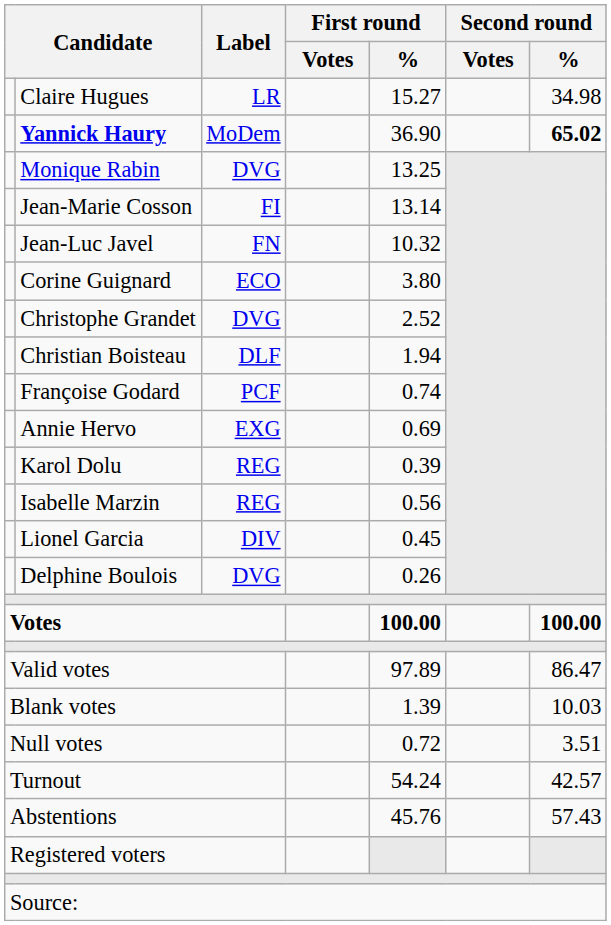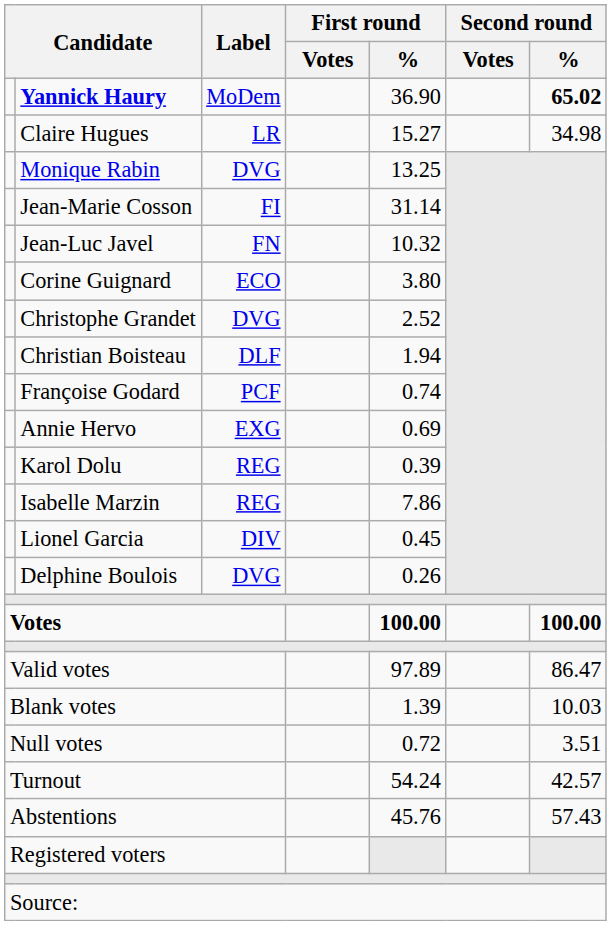 <table class="wikitable" style="text-align:right;font-size:95%;">
 <tr>
 <th rowspan="2" colspan="2">Candidate</th>
 <th rowspan="2">Label</th>
 <th colspan="2">First round</th>
 <th colspan="2">Second round</th>
 </tr>
 <tr>
 <th style="width:50px;">Votes</th>
 <th style="width:45px;">%</th>
 <th style="width:50px;">Votes</th>
 <th style="width:45px;">%</th>
 </tr>
 <tr>
 <td style="color:inherit;background:"></td>
+<td style="text-align:left;"><strong><a href='#'>Yannick Haury</a></strong></td>
+<td><a href='#'>MoDem</a></td>
+<td></td>
+<td>36.90</td>
+<td><strong></strong></td>
+<td><strong>65.02</strong></td>
+</tr>
+<tr>
+<td style="color:inherit;background:"></td>
 <td style="text-align:left;">Claire Hugues</td>
 <td><a href='#'>LR</a></td>
 <td></td>
 <td>15.27</td>
 <td></td>
 <td>34.98</td>
-</tr>
-<tr>
-<td style="color:inherit;background:"></td>
-<td style="text-align:left;"><strong><a href='#'>Yannick Haury</a></strong></td>
-<td><a href='#'>MoDem</a></td>
-<td></td>
-<td>36.90</td>
-<td><strong></strong></td>
-<td><strong>65.02</strong></td>
 </tr>
 <tr>
 <td style="color:inherit;background:"></td>
 <td style="text-align:left;"><a href='#'>Monique Rabin</a></td>
 <td><a href='#'>DVG</a></td>
 <td></td>
 <td>13.25</td>
 <td colspan="2" rowspan="12" style="background:#E9E9E9;"></td>
 </tr>
 <tr>
 <td style="color:inherit;background:"></td>
 <td style="text-align:left;">Jean-Marie Cosson</td>
 <td><a href='#'>FI</a></td>
 <td></td>
-<td>13.14</td>
+<td>31.14</td>
 </tr>
 <tr>
 <td style="color:inherit;background:"></td>
 <td style="text-align:left;">Jean-Luc Javel</td>
 <td><a href='#'>FN</a></td>
 <td></td>
 <td>10.32</td>
 </tr>
 <tr>
 <td style="color:inherit;background:"></td>
 <td style="text-align:left;">Corine Guignard</td>
 <td><a href='#'>ECO</a></td>
 <td></td>
 <td>3.80</td>
 </tr>
 <tr>
 <td style="color:inherit;background:"></td>
 <td style="text-align:left;">Christophe Grandet</td>
 <td><a href='#'>DVG</a></td>
 <td></td>
 <td>2.52</td>
 </tr>
 <tr>
 <td style="color:inherit;background:"></td>
 <td style="text-align:left;">Christian Boisteau</td>
 <td><a href='#'>DLF</a></td>
 <td></td>
 <td>1.94</td>
 </tr>
 <tr>
 <td style="color:inherit;background:"></td>
 <td style="text-align:left;">Françoise Godard</td>
 <td><a href='#'>PCF</a></td>
 <td></td>
 <td>0.74</td>
 </tr>
 <tr>
 <td style="color:inherit;background:"></td>
 <td style="text-align:left;">Annie Hervo</td>
 <td><a href='#'>EXG</a></td>
 <td></td>
 <td>0.69</td>
 </tr>
 <tr>
 <td style="color:inherit;background:"></td>
 <td style="text-align:left;">Karol Dolu</td>
 <td><a href='#'>REG</a></td>
 <td></td>
 <td>0.39</td>
 </tr>
 <tr>
 <td style="color:inherit;background:"></td>
 <td style="text-align:left;">Isabelle Marzin</td>
 <td><a href='#'>REG</a></td>
 <td></td>
-<td>0.56</td>
+<td>7.86</td>
 </tr>
 <tr>
 <td style="color:inherit;background:"></td>
 <td style="text-align:left;">Lionel Garcia</td>
 <td><a href='#'>DIV</a></td>
 <td></td>
 <td>0.45</td>
 </tr>
 <tr>
 <td style="color:inherit;background:"></td>
 <td style="text-align:left;">Delphine Boulois</td>
 <td><a href='#'>DVG</a></td>
 <td></td>
 <td>0.26</td>
 </tr>
 <tr>
 <td colspan="7" style="background:#E9E9E9;"></td>
 </tr>
 <tr style="font-weight:bold;">
 <td colspan="3" style="text-align:left;">Votes</td>
 <td></td>
 <td>100.00</td>
 <td></td>
 <td>100.00</td>
 </tr>
 <tr>
 <td colspan="7" style="background:#E9E9E9;"></td>
 </tr>
 <tr>
 <td colspan="3" style="text-align:left;">Valid votes</td>
 <td></td>
 <td>97.89</td>
 <td></td>
 <td>86.47</td>
 </tr>
 <tr>
 <td colspan="3" style="text-align:left;">Blank votes</td>
 <td></td>
 <td>1.39</td>
 <td></td>
 <td>10.03</td>
 </tr>
 <tr>
 <td colspan="3" style="text-align:left;">Null votes</td>
 <td></td>
 <td>0.72</td>
 <td></td>
 <td>3.51</td>
 </tr>
 <tr>
 <td colspan="3" style="text-align:left;">Turnout</td>
 <td></td>
 <td>54.24</td>
 <td></td>
 <td>42.57</td>
 </tr>
 <tr>
 <td colspan="3" style="text-align:left;">Abstentions</td>
 <td></td>
 <td>45.76</td>
 <td></td>
 <td>57.43</td>
 </tr>
 <tr>
 <td colspan="3" style="text-align:left;">Registered voters</td>
 <td></td>
 <td style="color:inherit;background:#E9E9E9;"></td>
 <td></td>
 <td style="color:inherit;background:#E9E9E9;"></td>
 </tr>
 <tr>
 <td colspan="7" style="background:#E9E9E9;"></td>
 </tr>
 <tr>
 <td colspan="7" style="text-align:left;">Source: </td>
 </tr>
 </table>
